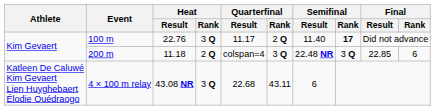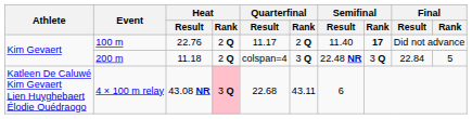 <table class=wikitable style="font-size:90%">
 <tr>
 <th rowspan="2">Athlete</th>
 <th rowspan="2">Event</th>
 <th colspan="2">Heat</th>
 <th colspan="2">Quarterfinal</th>
 <th colspan="2">Semifinal</th>
 <th colspan="2">Final</th>
 </tr>
 <tr style="font-size:95%">
 <th>Result</th>
 <th>Rank</th>
 <th>Result</th>
 <th>Rank</th>
 <th>Result</th>
 <th>Rank</th>
 <th>Result</th>
 <th>Rank</th>
 </tr>
 <tr align=center>
 <td align=left rowspan=2><a href='#'>Kim Gevaert</a></td>
 <td align=left><a href='#'>100 m</a></td>
 <td>22.76</td>
-<td>3 <strong>Q</strong></td>
+<td>2 <strong>Q</strong></td>
 <td>11.17</td>
 <td>2 <strong>Q</strong></td>
 <td>11.40</td>
 <td><strong>17</strong></td>
 <td colspan=2>Did not advance</td>
 </tr>
 <tr align=center>
 <td align=left><a href='#'>200 m</a></td>
 <td>11.18</td>
 <td>2 <strong>Q</strong></td>
 <td>colspan=4 </td>
 <td>3 <strong>Q</strong></td>
 <td>22.48 <strong><a href='#'>NR</a></strong></td>
 <td>3 <strong>Q</strong></td>
-<td>22.85</td>
-<td>6</td>
+<td>22.84</td>
+<td>5</td>
 </tr>
 <tr align=center>
 <td align=left><a href='#'>Katleen De Caluwé</a><br><a href='#'>Kim Gevaert</a><br><a href='#'>Lien Huyghebaert</a><br><a href='#'>Élodie Ouédraogo</a></td>
 <td align=left><a href='#'>4 × 100 m relay</a></td>
 <td>43.08 <strong><a href='#'>NR</a></strong></td>
-<td>3 <strong>Q</strong></td>
+<td style="background: pink;">3 <strong>Q</strong></td>
 <td>22.68</td>
 <td>43.11</td>
 <td>6</td>
 </tr>
 </table>
